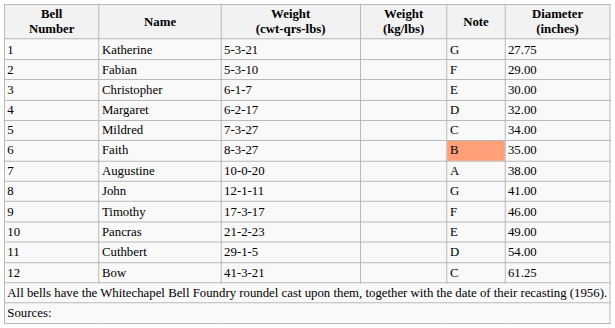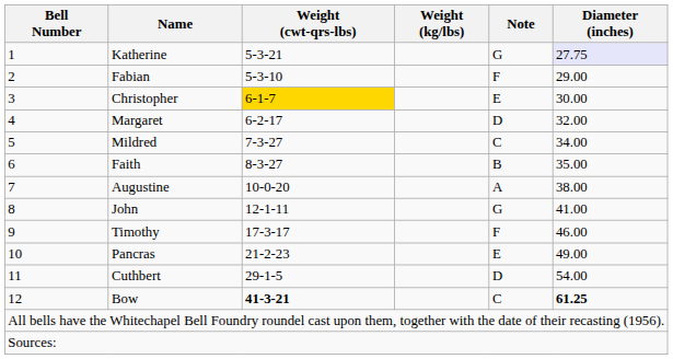 <table class="wikitable">
 <tr>
 <th>Bell<br>Number</th>
 <th>Name</th>
 <th>Weight<br>(cwt-qrs-lbs)</th>
 <th>Weight<br>(kg/lbs)</th>
 <th>Note</th>
 <th>Diameter<br>(inches)</th>
 </tr>
 <tr>
 <td>1</td>
 <td>Katherine</td>
 <td>5-3-21</td>
 <td></td>
 <td>G</td>
-<td>27.75</td>
+<td style="background: lavender;">27.75</td>
 </tr>
 <tr>
 <td>2</td>
 <td>Fabian</td>
 <td>5-3-10</td>
 <td></td>
 <td>F</td>
 <td>29.00</td>
 </tr>
 <tr>
 <td>3</td>
 <td>Christopher</td>
-<td>6-1-7</td>
+<td style="background: gold;">6-1-7</td>
 <td></td>
 <td>E</td>
 <td>30.00</td>
 </tr>
 <tr>
 <td>4</td>
 <td>Margaret</td>
 <td>6-2-17</td>
 <td></td>
 <td>D</td>
 <td>32.00</td>
 </tr>
 <tr>
 <td>5</td>
 <td>Mildred</td>
 <td>7-3-27</td>
 <td></td>
 <td>C</td>
 <td>34.00</td>
 </tr>
 <tr>
 <td>6</td>
 <td>Faith</td>
 <td>8-3-27</td>
 <td></td>
-<td style="background: lightsalmon;">B</td>
+<td>B</td>
 <td>35.00</td>
 </tr>
 <tr>
 <td>7</td>
 <td>Augustine</td>
 <td>10-0-20</td>
 <td></td>
 <td>A</td>
 <td>38.00</td>
 </tr>
 <tr>
 <td>8</td>
 <td>John</td>
 <td>12-1-11</td>
 <td></td>
 <td>G</td>
 <td>41.00</td>
 </tr>
 <tr>
 <td>9</td>
 <td>Timothy</td>
 <td>17-3-17</td>
 <td></td>
 <td>F</td>
 <td>46.00</td>
 </tr>
 <tr>
 <td>10</td>
 <td>Pancras</td>
 <td>21-2-23</td>
 <td></td>
 <td>E</td>
 <td>49.00</td>
 </tr>
 <tr>
 <td>11</td>
 <td>Cuthbert</td>
 <td>29-1-5</td>
 <td></td>
 <td>D</td>
 <td>54.00</td>
 </tr>
 <tr>
 <td>12</td>
 <td>Bow</td>
-<td>41-3-21</td>
+<td><strong>41-3-21</strong></td>
 <td></td>
 <td>C</td>
-<td>61.25</td>
+<td><strong>61.25</strong></td>
 </tr>
 <tr>
 <td colspan="6">All bells have the Whitechapel Bell Foundry roundel cast upon them, together with the date of their recasting (1956).</td>
 </tr>
 <tr>
 <td colspan="6">Sources:</td>
 </tr>
 </table>
